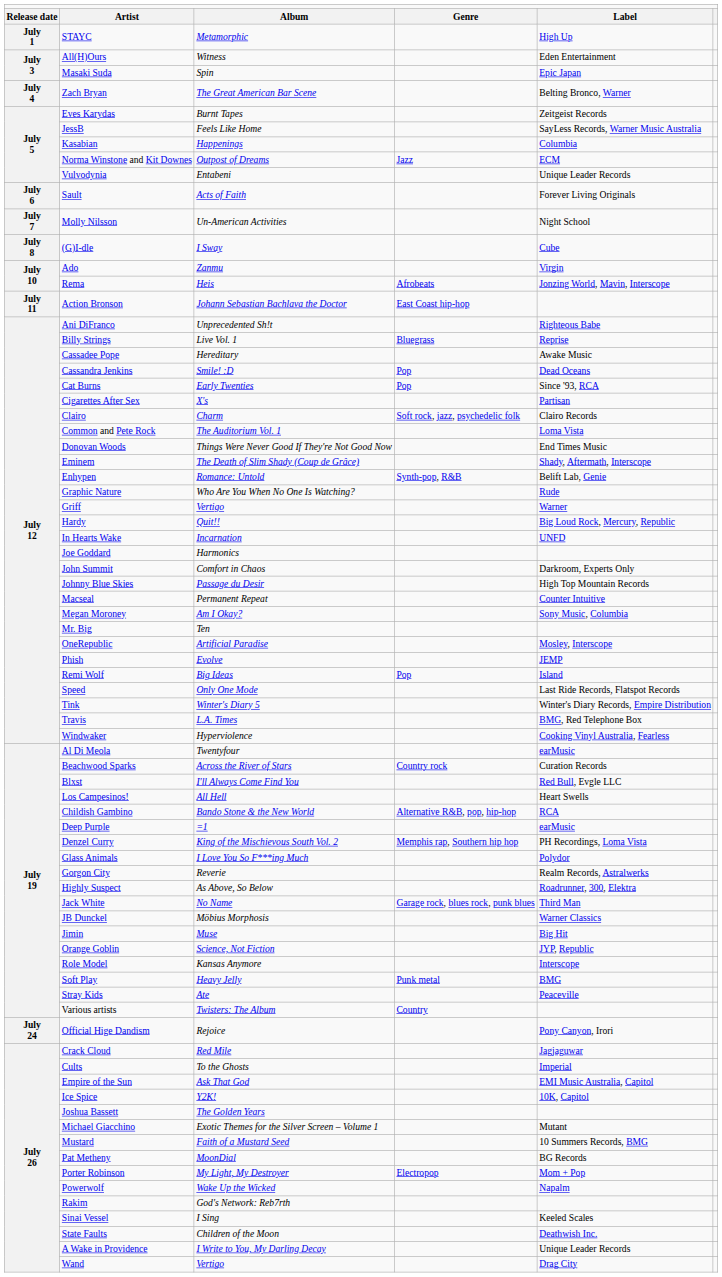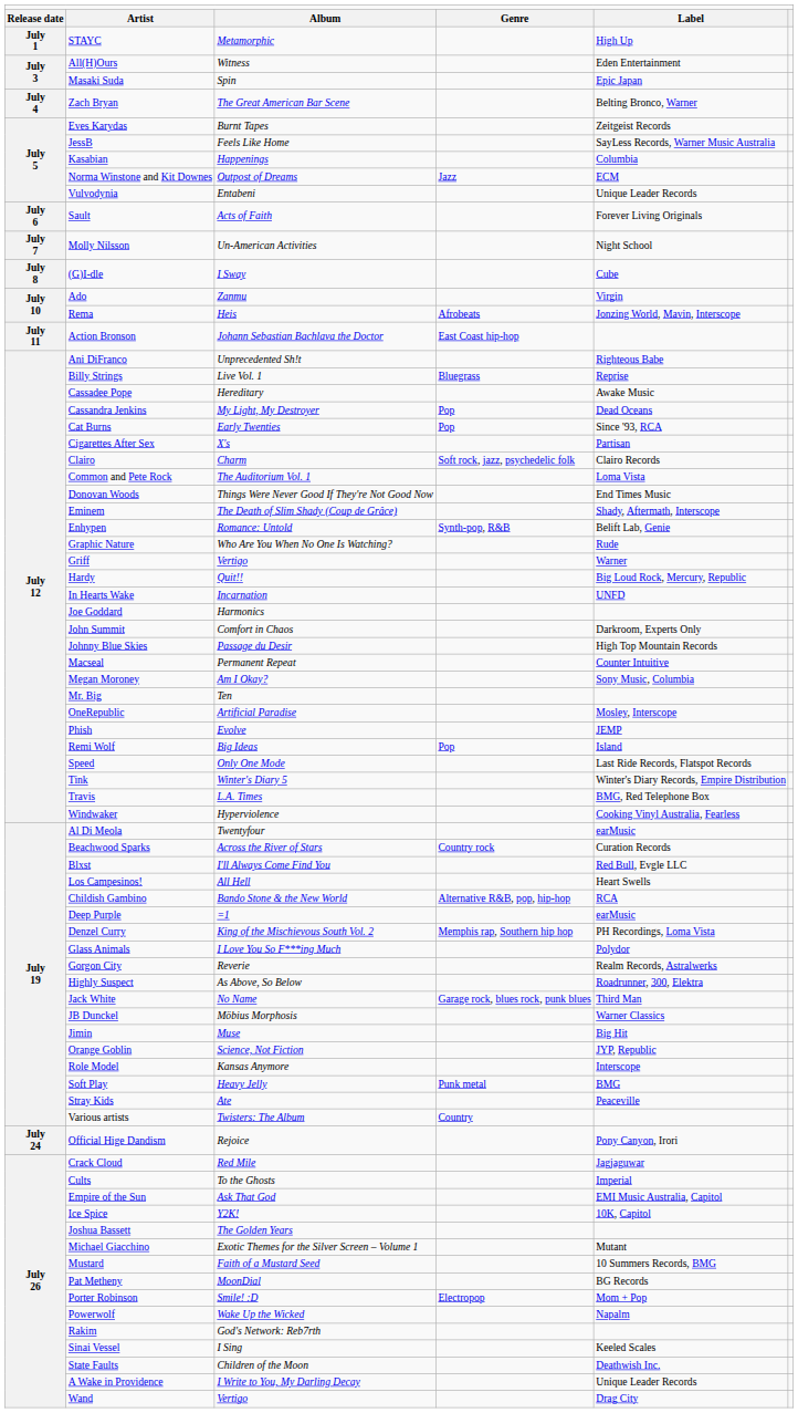 <table class="wikitable plainrowheaders">
 <tr>
 <td colspan="6" style="text-align:center;"></td>
 </tr>
 <tr>
 <th scope="col">Release date</th>
 <th scope="col">Artist</th>
 <th scope="col">Album</th>
 <th scope="col">Genre</th>
 <th scope="col">Label</th>
 <th scope="col"></th>
 </tr>
 <tr>
 <th scope="row" style="text-align:center;">July<br>1</th>
 <td><a href='#'>STAYC</a></td>
 <td><em><a href='#'>Metamorphic</a></em></td>
 <td></td>
 <td><a href='#'>High Up</a></td>
 <td></td>
 </tr>
 <tr>
 <th scope="row" rowspan="2" style="text-align:center;">July<br>3</th>
 <td><a href='#'>All(H)Ours</a></td>
 <td><em>Witness</em></td>
 <td></td>
 <td>Eden Entertainment</td>
 <td></td>
 </tr>
 <tr>
 <td><a href='#'>Masaki Suda</a></td>
 <td><em>Spin</em></td>
 <td></td>
 <td><a href='#'>Epic Japan</a></td>
 <td></td>
 </tr>
 <tr>
 <th scope="row" style="text-align:center;">July<br>4</th>
 <td><a href='#'>Zach Bryan</a></td>
 <td><em><a href='#'>The Great American Bar Scene</a></em></td>
 <td></td>
 <td>Belting Bronco, <a href='#'>Warner</a></td>
 <td></td>
 </tr>
 <tr>
 <th scope="row" rowspan="5" style="text-align:center;">July<br>5</th>
 <td><a href='#'>Eves Karydas</a></td>
 <td><em>Burnt Tapes</em></td>
 <td></td>
 <td>Zeitgeist Records</td>
 <td></td>
 </tr>
 <tr>
 <td><a href='#'>JessB</a></td>
 <td><em>Feels Like Home</em></td>
 <td></td>
 <td>SayLess Records, <a href='#'>Warner Music Australia</a></td>
 <td></td>
 </tr>
 <tr>
 <td><a href='#'>Kasabian</a></td>
 <td><em><a href='#'>Happenings</a></em></td>
 <td></td>
 <td><a href='#'>Columbia</a></td>
 <td></td>
 </tr>
 <tr>
 <td><a href='#'>Norma Winstone</a> and <a href='#'>Kit Downes</a></td>
 <td><em><a href='#'>Outpost of Dreams</a></em></td>
 <td><a href='#'>Jazz</a></td>
 <td><a href='#'>ECM</a></td>
 <td></td>
 </tr>
 <tr>
 <td><a href='#'>Vulvodynia</a></td>
 <td><em>Entabeni</em></td>
 <td></td>
 <td>Unique Leader Records</td>
 <td></td>
 </tr>
 <tr>
 <th scope="row" style="text-align:center;">July<br>6</th>
 <td><a href='#'>Sault</a></td>
 <td><em><a href='#'>Acts of Faith</a></em></td>
 <td></td>
 <td>Forever Living Originals</td>
 <td></td>
 </tr>
 <tr>
 <th scope="row" style="text-align:center;">July<br>7</th>
 <td><a href='#'>Molly Nilsson</a></td>
 <td><em>Un-American Activities</em></td>
 <td></td>
 <td>Night School</td>
 <td></td>
 </tr>
 <tr>
 <th scope="row" style="text-align:center;">July<br>8</th>
 <td><a href='#'>(G)I-dle</a></td>
 <td><em><a href='#'>I Sway</a></em></td>
 <td></td>
 <td><a href='#'>Cube</a></td>
 <td></td>
 </tr>
 <tr>
 <th scope="row" rowspan="2" style="text-align:center;">July<br>10</th>
 <td><a href='#'>Ado</a></td>
 <td><em><a href='#'>Zanmu</a></em></td>
 <td></td>
 <td><a href='#'>Virgin</a></td>
 <td></td>
 </tr>
 <tr>
 <td><a href='#'>Rema</a></td>
 <td><em><a href='#'>Heis</a></em></td>
 <td><a href='#'>Afrobeats</a></td>
 <td><a href='#'>Jonzing World</a>, <a href='#'>Mavin</a>, <a href='#'>Interscope</a></td>
 <td></td>
 </tr>
 <tr>
 <th scope="row" style="text-align:center;">July<br>11</th>
 <td><a href='#'>Action Bronson</a></td>
 <td><em><a href='#'>Johann Sebastian Bachlava the Doctor</a></em></td>
 <td><a href='#'>East Coast hip-hop</a></td>
 <td></td>
 <td></td>
 </tr>
 <tr>
 <th scope="row" rowspan="28" style="text-align:center;">July<br>12</th>
 <td><a href='#'>Ani DiFranco</a></td>
 <td><em>Unprecedented Sh!t</em></td>
 <td></td>
 <td><a href='#'>Righteous Babe</a></td>
 <td></td>
 </tr>
 <tr>
 <td><a href='#'>Billy Strings</a></td>
 <td><em>Live Vol. 1</em></td>
 <td><a href='#'>Bluegrass</a></td>
 <td><a href='#'>Reprise</a></td>
 <td></td>
 </tr>
 <tr>
 <td><a href='#'>Cassadee Pope</a></td>
 <td><em>Hereditary</em></td>
 <td></td>
 <td>Awake Music</td>
 <td></td>
 </tr>
 <tr>
 <td><a href='#'>Cassandra Jenkins</a></td>
-<td><em><a href='#'>Smile! :D</a></em></td>
+<td><em><a href='#'>My Light, My Destroyer</a></em></td>
 <td><a href='#'>Pop</a></td>
 <td><a href='#'>Dead Oceans</a></td>
 <td></td>
 </tr>
 <tr>
 <td><a href='#'>Cat Burns</a></td>
 <td><em><a href='#'>Early Twenties</a></em></td>
 <td><a href='#'>Pop</a></td>
 <td>Since '93, <a href='#'>RCA</a></td>
 <td></td>
 </tr>
 <tr>
 <td><a href='#'>Cigarettes After Sex</a></td>
 <td><em><a href='#'>X's</a></em></td>
 <td></td>
 <td><a href='#'>Partisan</a></td>
 <td></td>
 </tr>
 <tr>
 <td><a href='#'>Clairo</a></td>
 <td><em><a href='#'>Charm</a></em></td>
 <td><a href='#'>Soft rock</a>, <a href='#'>jazz</a>, <a href='#'>psychedelic folk</a></td>
 <td>Clairo Records</td>
 <td></td>
 </tr>
 <tr>
 <td><a href='#'>Common</a> and <a href='#'>Pete Rock</a></td>
 <td><em><a href='#'>The Auditorium Vol. 1</a></em></td>
 <td></td>
 <td><a href='#'>Loma Vista</a></td>
 <td></td>
 </tr>
 <tr>
 <td><a href='#'>Donovan Woods</a></td>
 <td><em>Things Were Never Good If They're Not Good Now</em></td>
 <td></td>
 <td>End Times Music</td>
 <td></td>
 </tr>
 <tr>
 <td><a href='#'>Eminem</a></td>
 <td><em><a href='#'>The Death of Slim Shady (Coup de Grâce)</a></em></td>
 <td></td>
 <td><a href='#'>Shady</a>, <a href='#'>Aftermath</a>, <a href='#'>Interscope</a></td>
 <td></td>
 </tr>
 <tr>
 <td><a href='#'>Enhypen</a></td>
 <td><em><a href='#'>Romance: Untold</a></em></td>
 <td><a href='#'>Synth-pop</a>, <a href='#'>R&B</a></td>
 <td>Belift Lab, <a href='#'>Genie</a></td>
 <td></td>
 </tr>
 <tr>
 <td><a href='#'>Graphic Nature</a></td>
 <td><em>Who Are You When No One Is Watching?</em></td>
 <td></td>
 <td><a href='#'>Rude</a></td>
 <td></td>
 </tr>
 <tr>
 <td><a href='#'>Griff</a></td>
 <td><em><a href='#'>Vertigo</a></em></td>
 <td></td>
 <td><a href='#'>Warner</a></td>
 <td></td>
 </tr>
 <tr>
 <td><a href='#'>Hardy</a></td>
 <td><em><a href='#'>Quit!!</a></em></td>
 <td></td>
 <td><a href='#'>Big Loud Rock</a>, <a href='#'>Mercury</a>, <a href='#'>Republic</a></td>
 <td></td>
 </tr>
 <tr>
 <td><a href='#'>In Hearts Wake</a></td>
 <td><em><a href='#'>Incarnation</a></em></td>
 <td></td>
 <td><a href='#'>UNFD</a></td>
 <td></td>
 </tr>
 <tr>
 <td><a href='#'>Joe Goddard</a></td>
 <td><em>Harmonics</em></td>
 <td></td>
 <td></td>
 <td></td>
 </tr>
 <tr>
 <td><a href='#'>John Summit</a></td>
 <td><em>Comfort in Chaos</em></td>
 <td></td>
 <td>Darkroom, Experts Only</td>
 <td></td>
 </tr>
 <tr>
 <td><a href='#'>Johnny Blue Skies</a></td>
 <td><em><a href='#'>Passage du Desir</a></em></td>
 <td></td>
 <td>High Top Mountain Records</td>
 <td></td>
 </tr>
 <tr>
 <td><a href='#'>Macseal</a></td>
 <td><em>Permanent Repeat</em></td>
 <td></td>
 <td><a href='#'>Counter Intuitive</a></td>
 <td></td>
 </tr>
 <tr>
 <td><a href='#'>Megan Moroney</a></td>
 <td><em><a href='#'>Am I Okay?</a></em></td>
 <td></td>
 <td><a href='#'>Sony Music</a>, <a href='#'>Columbia</a></td>
 <td></td>
 </tr>
 <tr>
 <td><a href='#'>Mr. Big</a></td>
 <td><em>Ten</em></td>
 <td></td>
 <td></td>
 <td></td>
 </tr>
 <tr>
 <td><a href='#'>OneRepublic</a></td>
 <td><em><a href='#'>Artificial Paradise</a></em></td>
 <td></td>
 <td><a href='#'>Mosley</a>, <a href='#'>Interscope</a></td>
 <td></td>
 </tr>
 <tr>
 <td><a href='#'>Phish</a></td>
 <td><em><a href='#'>Evolve</a></em></td>
 <td></td>
 <td><a href='#'>JEMP</a></td>
 <td></td>
 </tr>
 <tr>
 <td><a href='#'>Remi Wolf</a></td>
 <td><em><a href='#'>Big Ideas</a></em></td>
 <td><a href='#'>Pop</a></td>
 <td><a href='#'>Island</a></td>
 <td></td>
 </tr>
 <tr>
 <td><a href='#'>Speed</a></td>
 <td><em><a href='#'>Only One Mode</a></em></td>
 <td></td>
 <td>Last Ride Records, Flatspot Records</td>
 <td></td>
 </tr>
 <tr>
 <td><a href='#'>Tink</a></td>
 <td><em><a href='#'>Winter's Diary 5</a></em></td>
 <td></td>
 <td>Winter's Diary Records, <a href='#'>Empire Distribution</a></td>
 <td></td>
 </tr>
 <tr>
 <td><a href='#'>Travis</a></td>
 <td><em><a href='#'>L.A. Times</a></em></td>
 <td></td>
 <td><a href='#'>BMG</a>, Red Telephone Box</td>
 <td></td>
 </tr>
 <tr>
 <td><a href='#'>Windwaker</a></td>
 <td><em>Hyperviolence</em></td>
 <td></td>
 <td><a href='#'>Cooking Vinyl Australia</a>, <a href='#'>Fearless</a></td>
 <td></td>
 </tr>
 <tr>
 <th scope="row" rowspan="18" style="text-align:center;">July<br>19</th>
 <td><a href='#'>Al Di Meola</a></td>
 <td><em>Twentyfour</em></td>
 <td></td>
 <td><a href='#'>earMusic</a></td>
 <td></td>
 </tr>
 <tr>
 <td><a href='#'>Beachwood Sparks</a></td>
 <td><em><a href='#'>Across the River of Stars</a></em></td>
 <td><a href='#'>Country rock</a></td>
 <td>Curation Records</td>
 <td></td>
 </tr>
 <tr>
 <td><a href='#'>Blxst</a></td>
 <td><em><a href='#'>I'll Always Come Find You</a></em></td>
 <td></td>
 <td><a href='#'>Red Bull</a>, Evgle LLC</td>
 <td></td>
 </tr>
 <tr>
 <td><a href='#'>Los Campesinos!</a></td>
 <td><em><a href='#'>All Hell</a></em></td>
 <td></td>
 <td>Heart Swells</td>
 <td></td>
 </tr>
 <tr>
 <td><a href='#'>Childish Gambino</a></td>
 <td><em><a href='#'>Bando Stone & the New World</a></em></td>
 <td><a href='#'>Alternative R&B</a>, <a href='#'>pop</a>, <a href='#'>hip-hop</a></td>
 <td><a href='#'>RCA</a></td>
 <td></td>
 </tr>
 <tr>
 <td><a href='#'>Deep Purple</a></td>
 <td><em><a href='#'>=1</a></em></td>
 <td></td>
 <td><a href='#'>earMusic</a></td>
 <td></td>
 </tr>
 <tr>
 <td><a href='#'>Denzel Curry</a></td>
 <td><em><a href='#'>King of the Mischievous South Vol. 2</a></em></td>
 <td><a href='#'>Memphis rap</a>, <a href='#'>Southern hip hop</a></td>
 <td>PH Recordings, <a href='#'>Loma Vista</a></td>
 <td></td>
 </tr>
 <tr>
 <td><a href='#'>Glass Animals</a></td>
 <td><em><a href='#'>I Love You So F***ing Much</a></em></td>
 <td></td>
 <td><a href='#'>Polydor</a></td>
 <td></td>
 </tr>
 <tr>
 <td><a href='#'>Gorgon City</a></td>
 <td><em>Reverie</em></td>
 <td></td>
 <td>Realm Records, <a href='#'>Astralwerks</a></td>
 <td></td>
 </tr>
 <tr>
 <td><a href='#'>Highly Suspect</a></td>
 <td><em>As Above, So Below</em></td>
 <td></td>
 <td><a href='#'>Roadrunner</a>, <a href='#'>300</a>, <a href='#'>Elektra</a></td>
 <td></td>
 </tr>
 <tr>
 <td><a href='#'>Jack White</a></td>
 <td><em><a href='#'>No Name</a></em></td>
 <td><a href='#'>Garage rock</a>, <a href='#'>blues rock</a>, <a href='#'>punk blues</a></td>
 <td><a href='#'>Third Man</a></td>
 <td></td>
 </tr>
 <tr>
 <td><a href='#'>JB Dunckel</a></td>
 <td><em>Möbius Morphosis</em></td>
 <td></td>
 <td><a href='#'>Warner Classics</a></td>
 <td></td>
 </tr>
 <tr>
 <td><a href='#'>Jimin</a></td>
 <td><em><a href='#'>Muse</a></em></td>
 <td></td>
 <td><a href='#'>Big Hit</a></td>
 <td></td>
 </tr>
 <tr>
 <td><a href='#'>Orange Goblin</a></td>
 <td><em><a href='#'>Science, Not Fiction</a></em></td>
 <td></td>
 <td><a href='#'>JYP</a>, <a href='#'>Republic</a></td>
 <td></td>
 </tr>
 <tr>
 <td><a href='#'>Role Model</a></td>
 <td><em>Kansas Anymore</em></td>
 <td></td>
 <td><a href='#'>Interscope</a></td>
 <td></td>
 </tr>
 <tr>
 <td><a href='#'>Soft Play</a></td>
 <td><em><a href='#'>Heavy Jelly</a></em></td>
 <td><a href='#'>Punk metal</a></td>
 <td><a href='#'>BMG</a></td>
 <td></td>
 </tr>
 <tr>
 <td><a href='#'>Stray Kids</a></td>
 <td><em><a href='#'>Ate</a></em></td>
 <td></td>
 <td><a href='#'>Peaceville</a></td>
 <td></td>
 </tr>
 <tr>
 <td>Various artists</td>
 <td><em><a href='#'>Twisters: The Album</a></em></td>
 <td><a href='#'>Country</a></td>
 <td></td>
 <td></td>
 </tr>
 <tr>
 <th scope="row" style="text-align:center;">July<br>24</th>
 <td><a href='#'>Official Hige Dandism</a></td>
 <td><em>Rejoice</em></td>
 <td></td>
 <td><a href='#'>Pony Canyon</a>, Irori</td>
 <td></td>
 </tr>
 <tr>
 <th scope="row" rowspan="15" style="text-align:center;">July<br>26</th>
 <td><a href='#'>Crack Cloud</a></td>
 <td><em><a href='#'>Red Mile</a></em></td>
 <td></td>
 <td><a href='#'>Jagjaguwar</a></td>
 <td></td>
 </tr>
 <tr>
 <td><a href='#'>Cults</a></td>
 <td><em>To the Ghosts</em></td>
 <td></td>
 <td><a href='#'>Imperial</a></td>
 <td></td>
 </tr>
 <tr>
 <td><a href='#'>Empire of the Sun</a></td>
 <td><em><a href='#'>Ask That God</a></em></td>
 <td></td>
 <td><a href='#'>EMI Music Australia</a>, <a href='#'>Capitol</a></td>
 <td></td>
 </tr>
 <tr>
 <td><a href='#'>Ice Spice</a></td>
 <td><em><a href='#'>Y2K!</a></em></td>
 <td></td>
 <td><a href='#'>10K</a>, <a href='#'>Capitol</a></td>
 <td></td>
 </tr>
 <tr>
 <td><a href='#'>Joshua Bassett</a></td>
 <td><em><a href='#'>The Golden Years</a></em></td>
 <td></td>
 <td></td>
 <td></td>
 </tr>
 <tr>
 <td><a href='#'>Michael Giacchino</a></td>
 <td><em>Exotic Themes for the Silver Screen – Volume 1</em></td>
 <td></td>
 <td>Mutant</td>
 <td></td>
 </tr>
 <tr>
 <td><a href='#'>Mustard</a></td>
 <td><em><a href='#'>Faith of a Mustard Seed</a></em></td>
 <td></td>
 <td>10 Summers Records, <a href='#'>BMG</a></td>
 <td></td>
 </tr>
 <tr>
 <td><a href='#'>Pat Metheny</a></td>
 <td><em><a href='#'>MoonDial</a></em></td>
 <td></td>
 <td>BG Records</td>
 <td></td>
 </tr>
 <tr>
 <td><a href='#'>Porter Robinson</a></td>
-<td><em><a href='#'>My Light, My Destroyer</a></em></td>
+<td><em><a href='#'>Smile! :D</a></em></td>
 <td><a href='#'>Electropop</a></td>
 <td><a href='#'>Mom + Pop</a></td>
 <td></td>
 </tr>
 <tr>
 <td><a href='#'>Powerwolf</a></td>
 <td><em><a href='#'>Wake Up the Wicked</a></em></td>
 <td></td>
 <td><a href='#'>Napalm</a></td>
 <td></td>
 </tr>
 <tr>
 <td><a href='#'>Rakim</a></td>
 <td><em>God's Network: Reb7rth</em></td>
 <td></td>
 <td></td>
 <td></td>
 </tr>
 <tr>
 <td><a href='#'>Sinai Vessel</a></td>
 <td><em>I Sing</em></td>
 <td></td>
 <td>Keeled Scales</td>
 <td></td>
 </tr>
 <tr>
 <td><a href='#'>State Faults</a></td>
 <td><em>Children of the Moon</em></td>
 <td></td>
 <td><a href='#'>Deathwish Inc.</a></td>
 <td></td>
 </tr>
 <tr>
 <td><a href='#'>A Wake in Providence</a></td>
 <td><em><a href='#'>I Write to You, My Darling Decay</a></em></td>
 <td></td>
 <td>Unique Leader Records</td>
 <td></td>
 </tr>
 <tr>
 <td><a href='#'>Wand</a></td>
 <td><em><a href='#'>Vertigo</a></em></td>
 <td></td>
 <td><a href='#'>Drag City</a></td>
 <td></td>
 </tr>
 </table>
